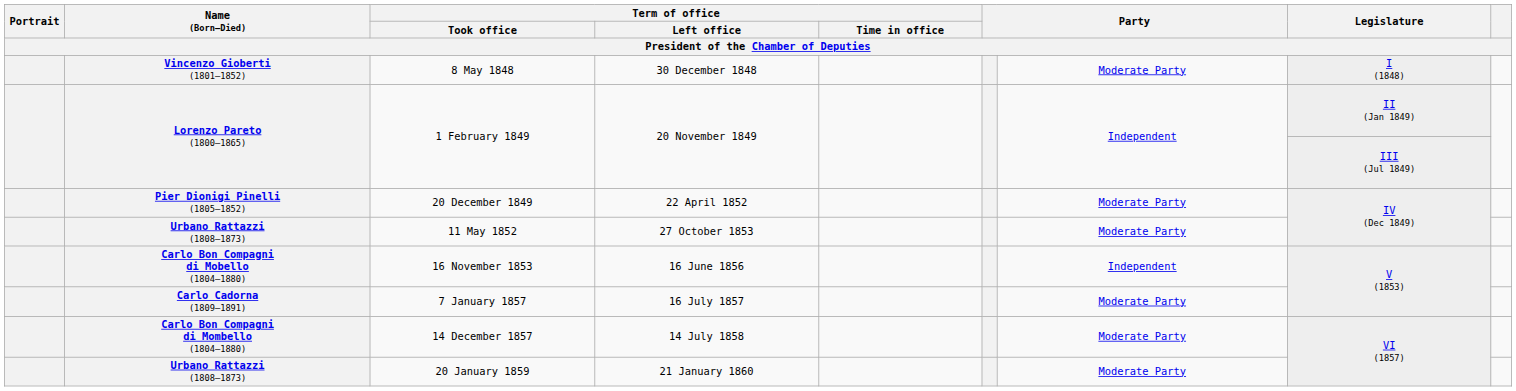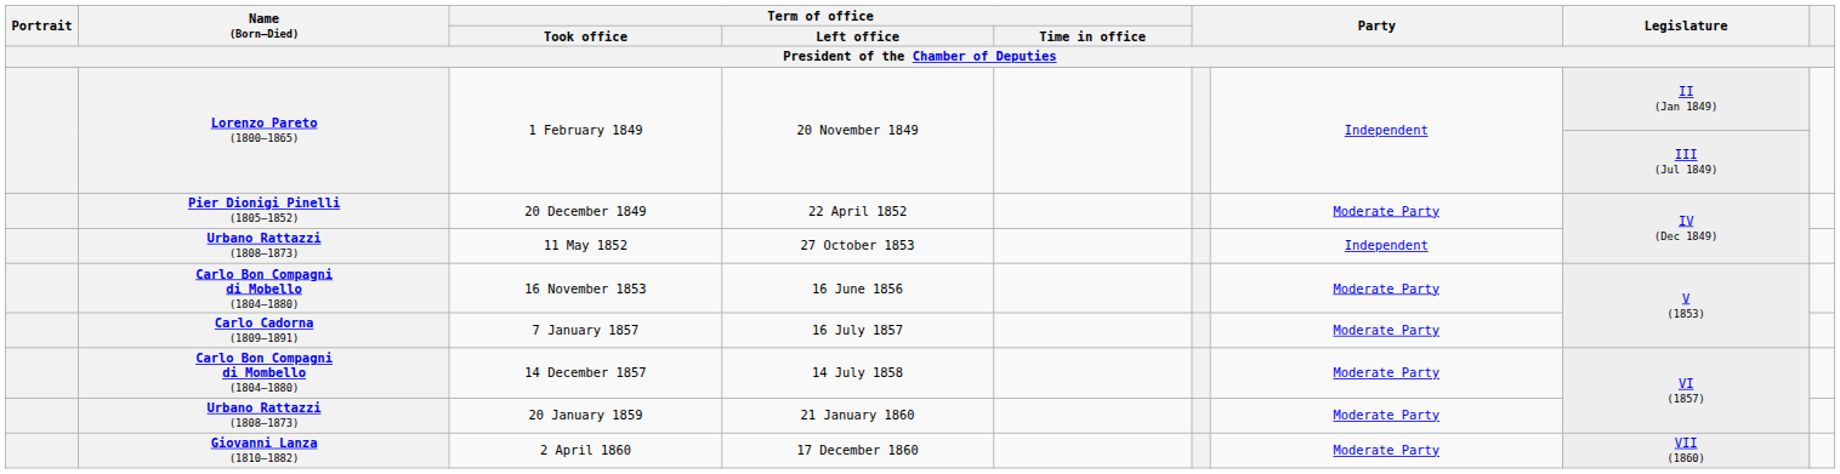 <table class="wikitable" style="text-align:center; style="width=95%">
 <tr>
 <th width=1% rowspan=2>Portrait</th>
 <th width=15% rowspan=2>Name<br><small>(Born–Died)</small></th>
 <th width=30% colspan=3>Term of office</th>
 <th width=15% rowspan=2 colspan=2>Party</th>
 <th width=10% rowspan=2>Legislature</th>
 <th width=1% rowspan=2></th>
 </tr>
 <tr style="text-align:center;">
 <th width=11%>Took office</th>
 <th width=11%>Left office</th>
 <th width=8%>Time in office</th>
 </tr>
 <tr>
 <th colspan=9>President of the <a href='#'>Chamber of Deputies</a></th>
-</tr>
-<tr>
-<th></th>
-<th scope="row" style="font-weight:normal"><strong><a href='#'>Vincenzo Gioberti</a></strong><br><small>(1801–1852)</small></th>
-<td>8 May 1848</td>
-<td>30 December 1848</td>
-<td></td>
-<th style="background:"></th>
-<td><a href='#'>Moderate Party</a></td>
-<td bgcolor="#EEEEEE"><a href='#'>I</a><br><small>(1848)</small></td>
-<td></td>
 </tr>
 <tr style="height:5em;">
 <th rowspan=2></th>
 <th scope="row" style="font-weight:normal" rowspan=2><strong><a href='#'>Lorenzo Pareto</a></strong><br><small>(1800–1865)</small></th>
 <td rowspan=2>1 February 1849</td>
 <td rowspan=2>20 November 1849</td>
 <td rowspan=2></td>
 <th rowspan=2 style="background:"></th>
 <td rowspan=2><a href='#'>Independent</a></td>
 <td bgcolor="#EEEEEE"><a href='#'>II</a><br><small>(Jan 1849)</small></td>
 <td rowspan=2></td>
 </tr>
 <tr style="height:5em;">
 <td bgcolor="#EEEEEE"><a href='#'>III</a><br><small>(Jul 1849)</small></td>
 </tr>
 <tr>
 <th></th>
 <th scope="row" style="font-weight:normal"><strong><a href='#'>Pier Dionigi Pinelli</a></strong><br><small>(1805–1852)</small></th>
 <td>20 December 1849</td>
 <td>22 April 1852</td>
 <td></td>
 <th style="background:"></th>
 <td><a href='#'>Moderate Party</a></td>
 <td rowspan=2 bgcolor="#EEEEEE"><a href='#'>IV</a><br><small>(Dec 1849)</small></td>
 <td></td>
 </tr>
 <tr>
 <th></th>
 <th scope="row" style="font-weight:normal"><strong><a href='#'>Urbano Rattazzi</a></strong><br><small>(1808–1873)</small></th>
 <td>11 May 1852</td>
 <td>27 October 1853</td>
 <td></td>
 <th style="background:"></th>
-<td><a href='#'>Moderate Party</a></td>
+<td><a href='#'>Independent</a></td>
 <td></td>
 </tr>
 <tr>
 <th></th>
 <th scope="row" style="font-weight:normal"><strong><a href='#'>Carlo Bon Compagni<br>di Mobello</a></strong><br><small>(1804–1880)</small></th>
 <td>16 November 1853</td>
 <td>16 June 1856</td>
 <td></td>
 <th style="background:"></th>
-<td><a href='#'>Independent</a></td>
+<td><a href='#'>Moderate Party</a></td>
 <td rowspan=2 bgcolor="#EEEEEE"><a href='#'>V</a><br><small>(1853)</small></td>
 <td></td>
 </tr>
 <tr>
 <th></th>
 <th scope="row" style="font-weight:normal"><strong><a href='#'>Carlo Cadorna</a></strong><br><small>(1809–1891)</small></th>
 <td>7 January 1857</td>
 <td>16 July 1857</td>
 <td></td>
 <th style="background:"></th>
 <td><a href='#'>Moderate Party</a></td>
 <td></td>
 </tr>
 <tr>
 <th></th>
 <th scope="row" style="font-weight:normal"><strong><a href='#'>Carlo Bon Compagni<br>di Mombello</a></strong><br><small>(1804–1880)</small></th>
 <td>14 December 1857</td>
 <td>14 July 1858</td>
 <td></td>
 <th style="background:"></th>
 <td><a href='#'>Moderate Party</a></td>
 <td rowspan=2 bgcolor="#EEEEEE"><a href='#'>VI</a><br><small>(1857)</small></td>
 <td></td>
 </tr>
 <tr>
 <th></th>
 <th scope="row" style="font-weight:normal"><strong><a href='#'>Urbano Rattazzi</a></strong><br><small>(1808–1873)</small></th>
 <td>20 January 1859</td>
 <td>21 January 1860</td>
 <td></td>
 <th style="background:"></th>
 <td><a href='#'>Moderate Party</a></td>
 <td></td>
 </tr>
+<tr>
+<th></th>
+<th scope="row" style="font-weight:normal"><strong><a href='#'>Giovanni Lanza</a></strong><br><small>(1810–1882)</small></th>
+<td>2 April 1860</td>
+<td>17 December 1860</td>
+<td></td>
+<th style="background:"></th>
+<td><a href='#'>Moderate Party</a></td>
+<td bgcolor="#EEEEEE"><a href='#'>VII</a><br><small>(1860)</small></td>
+<td></td>
+</tr>
 </table>
